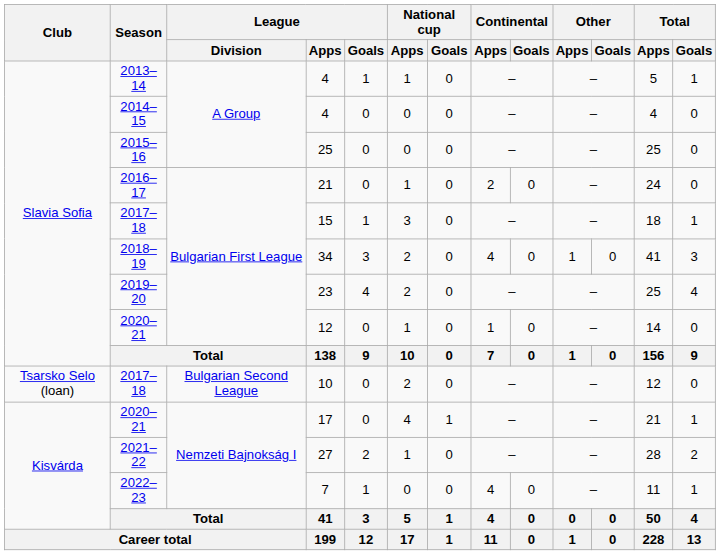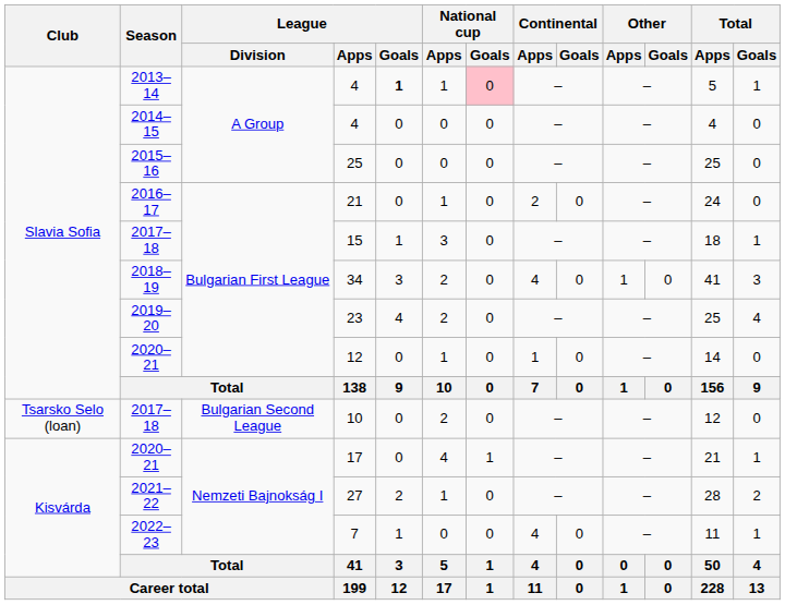 <table class="wikitable" style="text-align:center">
 <tr>
 <th rowspan="2">Club</th>
 <th rowspan="2">Season</th>
 <th colspan="3">League</th>
 <th colspan="2">National cup</th>
 <th colspan="2">Continental</th>
 <th colspan="2">Other</th>
 <th colspan="2">Total</th>
 </tr>
 <tr>
 <th>Division</th>
 <th>Apps</th>
 <th>Goals</th>
 <th>Apps</th>
 <th>Goals</th>
 <th>Apps</th>
 <th>Goals</th>
 <th>Apps</th>
 <th>Goals</th>
 <th>Apps</th>
 <th>Goals</th>
 </tr>
 <tr>
 <td rowspan="9"><a href='#'>Slavia Sofia</a></td>
 <td><a href='#'>2013–14</a></td>
 <td rowspan="3"><a href='#'>A Group</a></td>
 <td>4</td>
+<td><strong>1</strong></td>
 <td>1</td>
-<td>1</td>
-<td>0</td>
+<td style="background: pink;">0</td>
 <td colspan="2">–</td>
 <td colspan="2">–</td>
 <td>5</td>
 <td>1</td>
 </tr>
 <tr>
 <td><a href='#'>2014–15</a></td>
 <td>4</td>
 <td>0</td>
 <td>0</td>
 <td>0</td>
 <td colspan="2">–</td>
 <td colspan="2">–</td>
 <td>4</td>
 <td>0</td>
 </tr>
 <tr>
 <td><a href='#'>2015–16</a></td>
 <td>25</td>
 <td>0</td>
 <td>0</td>
 <td>0</td>
 <td colspan="2">–</td>
 <td colspan="2">–</td>
 <td>25</td>
 <td>0</td>
 </tr>
 <tr>
 <td><a href='#'>2016–17</a></td>
 <td rowspan="5"><a href='#'>Bulgarian First League</a></td>
 <td>21</td>
 <td>0</td>
 <td>1</td>
 <td>0</td>
 <td>2</td>
 <td>0</td>
 <td colspan="2">–</td>
 <td>24</td>
 <td>0</td>
 </tr>
 <tr>
 <td><a href='#'>2017–18</a></td>
 <td>15</td>
 <td>1</td>
 <td>3</td>
 <td>0</td>
 <td colspan="2">–</td>
 <td colspan="2">–</td>
 <td>18</td>
 <td>1</td>
 </tr>
 <tr>
 <td><a href='#'>2018–19</a></td>
 <td>34</td>
 <td>3</td>
 <td>2</td>
 <td>0</td>
 <td>4</td>
 <td>0</td>
 <td>1</td>
 <td>0</td>
 <td>41</td>
 <td>3</td>
 </tr>
 <tr>
 <td><a href='#'>2019–20</a></td>
 <td>23</td>
 <td>4</td>
 <td>2</td>
 <td>0</td>
 <td colspan="2">–</td>
 <td colspan="2">–</td>
 <td>25</td>
 <td>4</td>
 </tr>
 <tr>
 <td><a href='#'>2020–21</a></td>
 <td>12</td>
 <td>0</td>
 <td>1</td>
 <td>0</td>
 <td>1</td>
 <td>0</td>
 <td colspan="2">–</td>
 <td>14</td>
 <td>0</td>
 </tr>
 <tr>
 <th colspan="2">Total</th>
 <th>138</th>
 <th>9</th>
 <th>10</th>
 <th>0</th>
 <th>7</th>
 <th>0</th>
 <th>1</th>
 <th>0</th>
 <th>156</th>
 <th>9</th>
 </tr>
 <tr>
 <td><a href='#'>Tsarsko Selo</a> (loan)</td>
 <td><a href='#'>2017–18</a></td>
 <td><a href='#'>Bulgarian Second League</a></td>
 <td>10</td>
 <td>0</td>
 <td>2</td>
 <td>0</td>
 <td colspan="2">–</td>
 <td colspan="2">–</td>
 <td>12</td>
 <td>0</td>
 </tr>
 <tr>
 <td rowspan="4"><a href='#'>Kisvárda</a></td>
 <td><a href='#'>2020–21</a></td>
 <td rowspan="3"><a href='#'>Nemzeti Bajnokság I</a></td>
 <td>17</td>
 <td>0</td>
 <td>4</td>
 <td>1</td>
 <td colspan="2">–</td>
 <td colspan="2">–</td>
 <td>21</td>
 <td>1</td>
 </tr>
 <tr>
 <td><a href='#'>2021–22</a></td>
 <td>27</td>
 <td>2</td>
 <td>1</td>
 <td>0</td>
 <td colspan="2">–</td>
 <td colspan="2">–</td>
 <td>28</td>
 <td>2</td>
 </tr>
 <tr>
 <td><a href='#'>2022–23</a></td>
 <td>7</td>
 <td>1</td>
 <td>0</td>
 <td>0</td>
 <td>4</td>
 <td>0</td>
 <td colspan="2">–</td>
 <td>11</td>
 <td>1</td>
 </tr>
 <tr>
 <th colspan="2">Total</th>
 <th>41</th>
 <th>3</th>
 <th>5</th>
 <th>1</th>
 <th>4</th>
 <th>0</th>
 <th>0</th>
 <th>0</th>
 <th>50</th>
 <th>4</th>
 </tr>
 <tr>
 <th colspan="3">Career total</th>
 <th>199</th>
 <th>12</th>
 <th>17</th>
 <th>1</th>
 <th>11</th>
 <th>0</th>
 <th>1</th>
 <th>0</th>
 <th>228</th>
 <th>13</th>
 </tr>
 </table>
